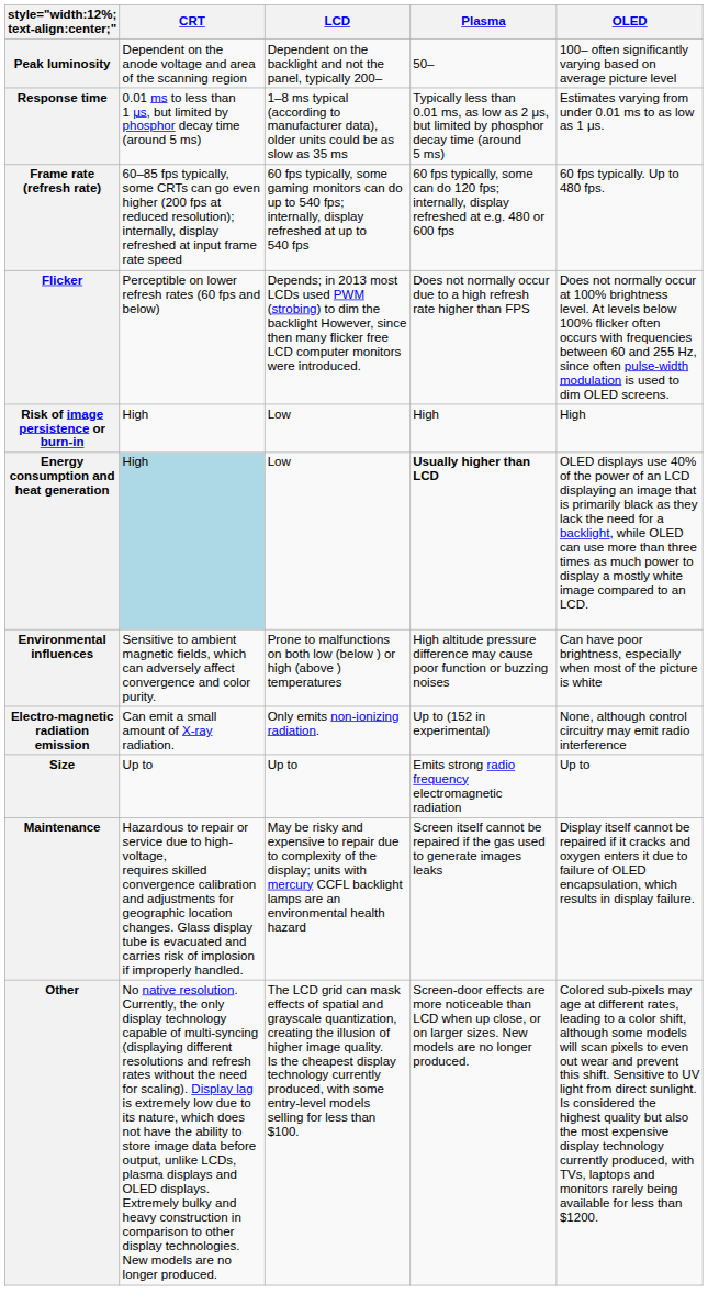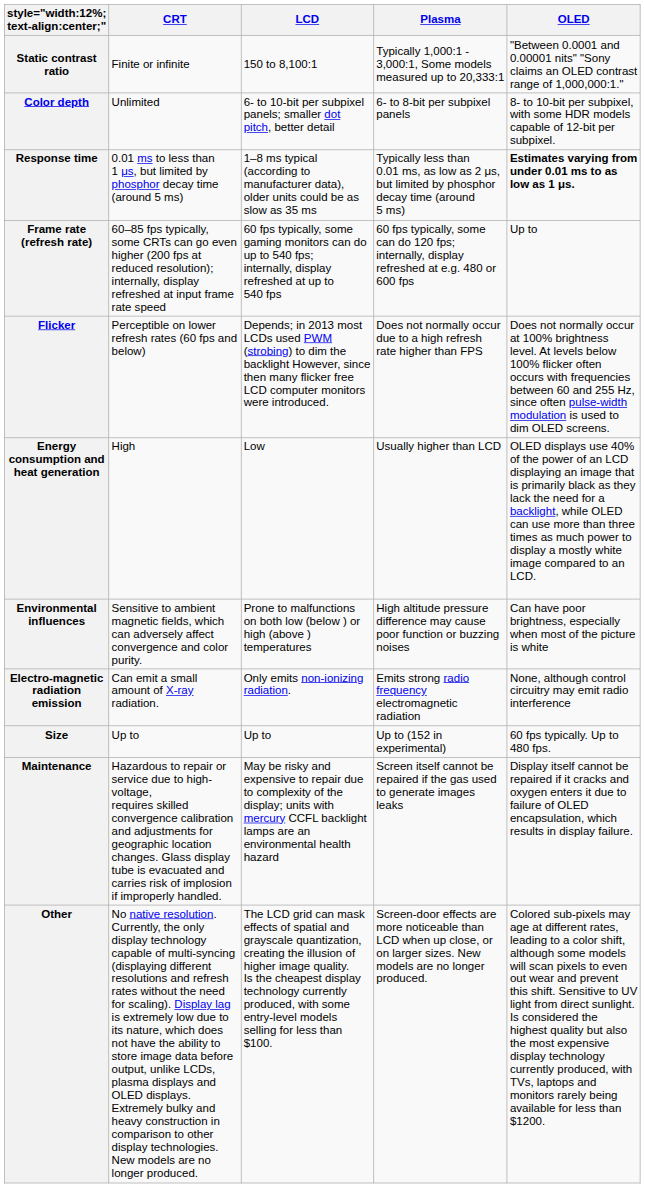 <table class="wikitable" style="width:100%;">
 <tr>
 <th>style="width:12%; text-align:center;" </th>
 <th style="width:22%; text-align:center;"><a href='#'>CRT</a></th>
 <th style="width:22%; text-align:center;"><a href='#'>LCD</a></th>
 <th style="width:22%; text-align:center;"><a href='#'>Plasma</a></th>
 <th style="width:22%; text-align:center;"><a href='#'>OLED</a></th>
 </tr>
 <tr>
-<th>Peak luminosity</th>
-<td>Dependent on the anode voltage and area of the scanning region</td>
-<td>Dependent on the backlight and not the panel, typically 200–</td>
-<td>50–</td>
-<td>100– often significantly varying based on average picture level</td>
+<th>Static contrast ratio</th>
+<td>Finite or infinite</td>
+<td>150 to 8,100:1</td>
+<td>Typically 1,000:1 - 3,000:1, Some models measured up to 20,333:1</td>
+<td>"Between 0.0001 and 0.00001 nits" "Sony claims an OLED contrast range of 1,000,000:1."</td>
+</tr>
+<tr style="vertical-align:top;">
+<th><a href='#'>Color depth</a></th>
+<td>Unlimited</td>
+<td>6- to 10-bit per subpixel panels; smaller <a href='#'>dot pitch</a>, better detail</td>
+<td>6- to 8-bit per subpixel panels</td>
+<td>8- to 10-bit per subpixel, with some HDR models capable of 12-bit per subpixel.</td>
 </tr>
 <tr valign="top">
 <th>Response time</th>
 <td>0.01 <a href='#'>ms</a> to less than 1 <a href='#'>μs</a>, but limited by <a href='#'>phosphor</a> decay time (around 5 ms)</td>
 <td>1–8 ms typical (according to manufacturer data), older units could be as slow as 35 ms</td>
 <td>Typically less than 0.01 ms, as low as 2 μs, but limited by phosphor decay time (around 5 ms)</td>
-<td>Estimates varying from under 0.01 ms to as low as 1 μs.</td>
+<td><strong>Estimates varying from under 0.01 ms to as low as 1 μs.</strong></td>
 </tr>
 <tr valign="top">
 <th>Frame rate (refresh rate)</th>
 <td>60–85 fps typically, some CRTs can go even higher (200 fps at reduced resolution);<br>internally, display refreshed at input frame rate speed</td>
 <td>60 fps typically, some gaming monitors can do up to 540 fps;<br>internally, display refreshed at up to 540 fps</td>
 <td>60 fps typically, some can do 120 fps;<br>internally, display refreshed at e.g. 480 or 600 fps</td>
-<td>60 fps typically. Up to 480 fps.</td>
+<td>Up to </td>
 </tr>
 <tr valign="top">
 <th><a href='#'>Flicker</a></th>
 <td>Perceptible on lower refresh rates (60 fps and below)</td>
 <td>Depends; in 2013 most LCDs used <a href='#'>PWM</a> (<a href='#'>strobing</a>) to dim the backlight However, since then many flicker free LCD computer monitors were introduced.</td>
 <td>Does not normally occur due to a high refresh rate higher than FPS</td>
 <td>Does not normally occur at 100% brightness level. At levels below 100% flicker often occurs with frequencies between 60 and 255 Hz, since often <a href='#'>pulse-width modulation</a> is used to dim OLED screens.</td>
 </tr>
 <tr valign="top">
-<th>Risk of <a href='#'>image persistence</a> or <a href='#'>burn-in</a></th>
+<th>Energy consumption and heat generation</th>
 <td>High</td>
-<td>Low</td>
-<td>High</td>
-<td>High</td>
-</tr>
-<tr valign="top">
-<th>Energy consumption and heat generation</th>
-<td style="background: lightblue;">High</td>
 <td>Low<br></td>
-<td><strong>Usually higher than LCD</strong></td>
+<td>Usually higher than LCD</td>
 <td>OLED displays use 40% of the power of an LCD displaying an image that is primarily black as they lack the need for a <a href='#'>backlight</a>, while OLED can use more than three times as much power to display a mostly white image compared to an LCD.<br><br></td>
 </tr>
 <tr valign="top">
 <th>Environmental influences</th>
 <td>Sensitive to ambient magnetic fields, which can adversely affect convergence and color purity.</td>
 <td>Prone to malfunctions on both low (below ) or high (above ) temperatures</td>
 <td>High altitude pressure difference may cause poor function or buzzing noises</td>
 <td>Can have poor brightness, especially when most of the picture is white</td>
 </tr>
 <tr valign="top">
 <th>Electro-magnetic radiation emission</th>
 <td>Can emit a small amount of <a href='#'>X-ray</a> radiation.</td>
 <td>Only emits <a href='#'>non-ionizing radiation</a>.</td>
-<td>Up to  (152 in experimental)</td>
+<td>Emits strong <a href='#'>radio frequency</a> electromagnetic radiation</td>
 <td>None, although control circuitry may emit radio interference</td>
 </tr>
 <tr valign="top">
 <th>Size</th>
 <td>Up to </td>
 <td>Up to </td>
-<td>Emits strong <a href='#'>radio frequency</a> electromagnetic radiation</td>
-<td>Up to </td>
+<td>Up to  (152 in experimental)</td>
+<td>60 fps typically. Up to 480 fps.</td>
 </tr>
 <tr valign="top">
 <th>Maintenance</th>
 <td>Hazardous to repair or service due to high-voltage, <br>requires skilled convergence calibration and adjustments for geographic location changes. Glass display tube is evacuated and carries risk of implosion if improperly handled.</td>
 <td>May be risky and expensive to repair due to complexity of the display; units with <a href='#'>mercury</a> CCFL backlight lamps are an environmental health hazard</td>
 <td>Screen itself cannot be repaired if the gas used to generate images leaks</td>
 <td>Display itself cannot be repaired if it cracks and oxygen enters it due to failure of OLED encapsulation, which results in display failure.</td>
 </tr>
 <tr valign="top">
 <th>Other</th>
 <td>No <a href='#'>native resolution</a>. Currently, the only display technology capable of multi-syncing (displaying different resolutions and refresh rates without the need for scaling). <a href='#'>Display lag</a> is extremely low due to its nature, which does not have the ability to store image data before output, unlike LCDs, plasma displays and OLED displays. Extremely bulky and heavy construction in comparison to other display technologies. New models are no longer produced.</td>
 <td>The LCD grid can mask effects of spatial and grayscale quantization, creating the illusion of higher image quality. <br> Is the cheapest display technology currently produced, with some entry-level models selling for less than $100.</td>
 <td>Screen-door effects are more noticeable than LCD when up close, or on larger sizes. New models are no longer produced.</td>
 <td>Colored sub-pixels may age at different rates, leading to a color shift, although some models will scan pixels to even out wear and prevent this shift. Sensitive to UV light from direct sunlight. Is considered the highest quality but also the most expensive display technology currently produced, with TVs, laptops and monitors rarely being available for less than $1200.</td>
 </tr>
 </table>
